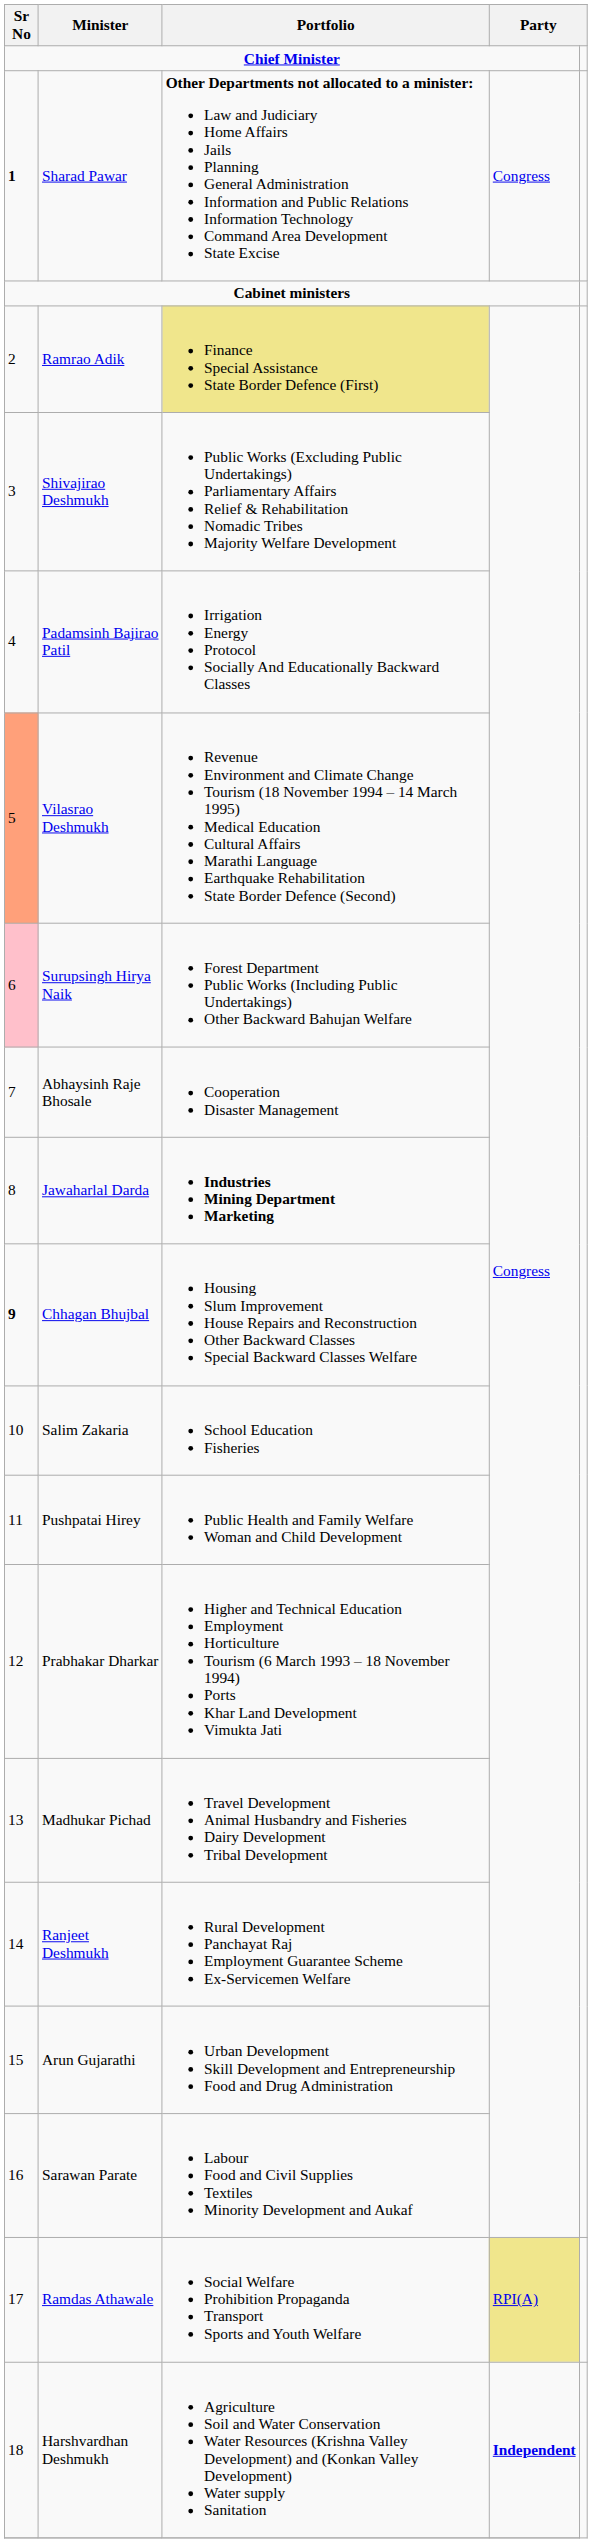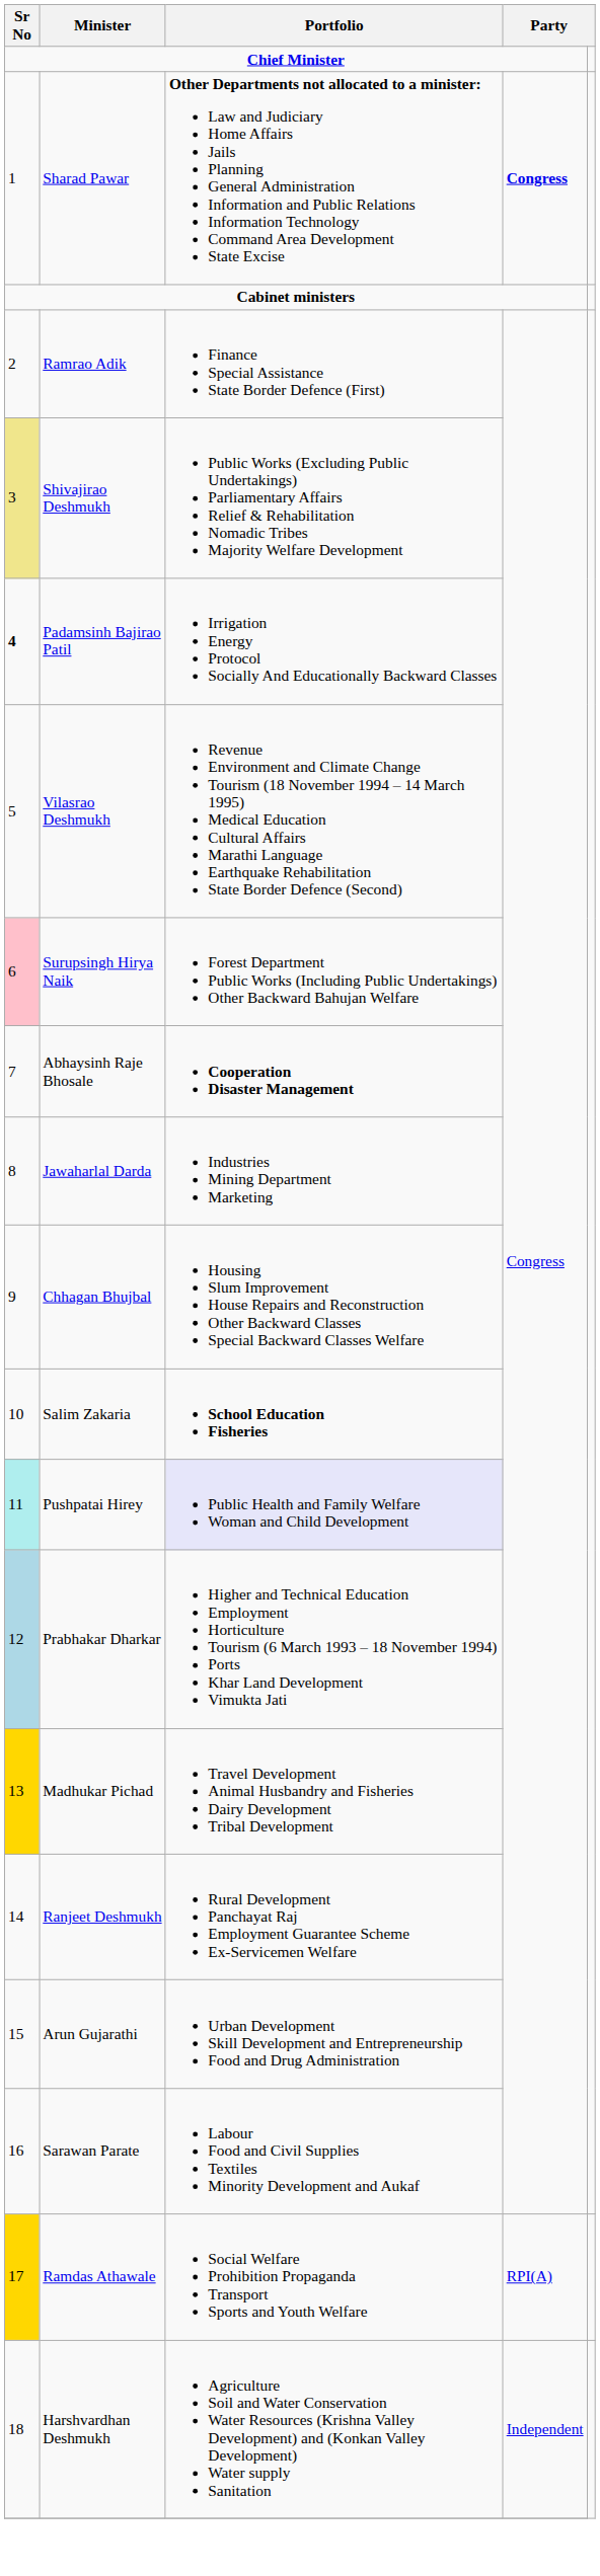 <table class="wikitable sortable">
 <tr>
 <th>Sr No</th>
 <th>Minister</th>
 <th>Portfolio</th>
 <th colspan="2" scope="col">Party</th>
 </tr>
 <tr>
 <td colspan=4 style="text-align:center;"><strong><a href='#'>Chief Minister</a></strong></td>
 </tr>
 <tr>
-<td><strong>1</strong></td>
+<td>1</td>
 <td><a href='#'>Sharad Pawar</a></td>
 <td><strong>Other Departments not allocated to a minister:</strong><br><ul><li>Law and Judiciary</li><li>Home Affairs</li><li>Jails</li><li>Planning</li><li>General Administration</li><li>Information and Public Relations</li><li>Information Technology</li><li>Command Area Development</li><li>State Excise</li></ul></td>
-<td rowspan=1><a href='#'>Congress</a></td>
+<td rowspan=1><strong><a href='#'>Congress</a></strong></td>
 <td rowspan=1 style="width:1px; background-color: "></td>
 </tr>
 <tr>
 <td colspan=4 style="text-align:center;"><strong>Cabinet ministers</strong></td>
 </tr>
 <tr>
 <td>2</td>
 <td><a href='#'>Ramrao Adik</a></td>
-<td style="background: khaki;"><br><ul><li>Finance</li><li>Special Assistance</li><li>State Border Defence (First)</li></ul></td>
+<td><br><ul><li>Finance</li><li>Special Assistance</li><li>State Border Defence (First)</li></ul></td>
 <td rowspan=15><a href='#'>Congress</a></td>
 <td rowspan=15 style="width:1px; background-color: "></td>
 </tr>
 <tr>
-<td>3</td>
+<td style="background: khaki;">3</td>
 <td><a href='#'>Shivajirao Deshmukh</a></td>
 <td><br><ul><li>Public Works (Excluding Public Undertakings)</li><li>Parliamentary Affairs</li><li>Relief & Rehabilitation</li><li>Nomadic Tribes</li><li>Majority Welfare Development</li></ul></td>
 </tr>
 <tr>
-<td>4</td>
+<td><strong>4</strong></td>
 <td><a href='#'>Padamsinh Bajirao Patil</a></td>
 <td><br><ul><li>Irrigation</li><li>Energy</li><li>Protocol</li><li>Socially And Educationally Backward Classes</li></ul></td>
 </tr>
 <tr>
-<td style="background: lightsalmon;">5</td>
+<td>5</td>
 <td><a href='#'>Vilasrao Deshmukh</a></td>
 <td><br><ul><li>Revenue</li><li>Environment and Climate Change</li><li>Tourism (18 November 1994 – 14 March 1995)</li><li>Medical Education</li><li>Cultural Affairs</li><li>Marathi Language</li><li>Earthquake Rehabilitation</li><li>State Border Defence (Second)</li></ul></td>
 </tr>
 <tr>
 <td style="background: pink;">6</td>
 <td><a href='#'>Surupsingh Hirya Naik</a></td>
 <td><br><ul><li>Forest Department</li><li>Public Works (Including Public Undertakings)</li><li>Other Backward Bahujan Welfare</li></ul></td>
 </tr>
 <tr>
 <td>7</td>
 <td>Abhaysinh Raje Bhosale</td>
-<td><br><ul><li>Cooperation</li><li>Disaster Management</li></ul></td>
+<td><strong><br><ul><li>Cooperation</li><li>Disaster Management</li></ul></strong></td>
 </tr>
 <tr>
 <td>8</td>
 <td><a href='#'>Jawaharlal Darda</a></td>
-<td><strong><br><ul><li>Industries</li><li>Mining Department</li><li>Marketing</li></ul></strong></td>
+<td><br><ul><li>Industries</li><li>Mining Department</li><li>Marketing</li></ul></td>
 </tr>
 <tr>
-<td><strong>9</strong></td>
+<td>9</td>
 <td><a href='#'>Chhagan Bhujbal</a></td>
 <td><br><ul><li>Housing</li><li>Slum Improvement</li><li>House Repairs and Reconstruction</li><li>Other Backward Classes</li><li>Special Backward Classes Welfare</li></ul></td>
 </tr>
 <tr>
 <td>10</td>
 <td>Salim Zakaria</td>
-<td><br><ul><li>School Education</li><li>Fisheries</li></ul></td>
+<td><strong><br><ul><li>School Education</li><li>Fisheries</li></ul></strong></td>
 </tr>
 <tr>
-<td>11</td>
+<td style="background: paleturquoise;">11</td>
 <td>Pushpatai Hirey</td>
-<td><br><ul><li>Public Health and Family Welfare</li><li>Woman and Child Development</li></ul></td>
+<td style="background: lavender;"><br><ul><li>Public Health and Family Welfare</li><li>Woman and Child Development</li></ul></td>
 </tr>
 <tr>
-<td>12</td>
+<td style="background: lightblue;">12</td>
 <td>Prabhakar Dharkar</td>
 <td><br><ul><li>Higher and Technical Education</li><li>Employment</li><li>Horticulture</li><li>Tourism (6 March 1993 – 18 November 1994)</li><li>Ports</li><li>Khar Land Development</li><li>Vimukta Jati</li></ul></td>
 </tr>
 <tr>
-<td>13</td>
+<td style="background: gold;">13</td>
 <td>Madhukar Pichad</td>
 <td><br><ul><li>Travel Development</li><li>Animal Husbandry and Fisheries</li><li>Dairy Development</li><li>Tribal Development</li></ul></td>
 </tr>
 <tr>
 <td>14</td>
 <td><a href='#'>Ranjeet Deshmukh</a></td>
 <td><br><ul><li>Rural Development</li><li>Panchayat Raj</li><li>Employment Guarantee Scheme</li><li>Ex-Servicemen Welfare</li></ul></td>
 </tr>
 <tr>
 <td>15</td>
 <td>Arun Gujarathi</td>
 <td><br><ul><li>Urban Development</li><li>Skill Development and Entrepreneurship</li><li>Food and Drug Administration</li></ul></td>
 </tr>
 <tr>
 <td>16</td>
 <td>Sarawan Parate</td>
 <td><br><ul><li>Labour</li><li>Food and Civil Supplies</li><li>Textiles</li><li>Minority Development and Aukaf</li></ul></td>
 </tr>
 <tr>
-<td>17</td>
+<td style="background: gold;">17</td>
 <td><a href='#'>Ramdas Athawale</a></td>
 <td><br><ul><li>Social Welfare</li><li>Prohibition Propaganda</li><li>Transport</li><li>Sports and Youth Welfare</li></ul></td>
-<td rowspan=1 style="background: khaki;"><a href='#'>RPI(A)</a></td>
+<td rowspan=1><a href='#'>RPI(A)</a></td>
 <td rowspan=1 style="width:1px; background-color: "></td>
 </tr>
 <tr>
 <td>18</td>
 <td>Harshvardhan Deshmukh</td>
 <td><br><ul><li>Agriculture</li><li>Soil and Water Conservation</li><li>Water Resources (Krishna Valley Development) and (Konkan Valley Development)</li><li>Water supply</li><li>Sanitation</li></ul></td>
-<td rowspan=1><strong><a href='#'>Independent</a></strong></td>
+<td rowspan=1><a href='#'>Independent</a></td>
 <td rowspan=11 style="width:1px; background-color: "></td>
 </tr>
 <tr>
 </tr>
 </table>
